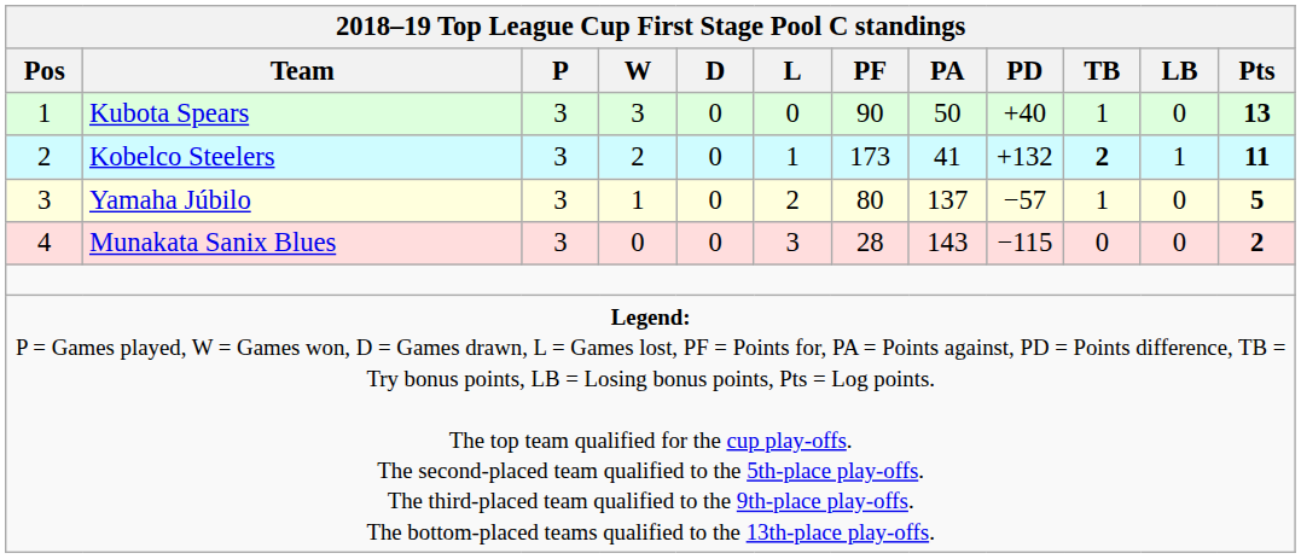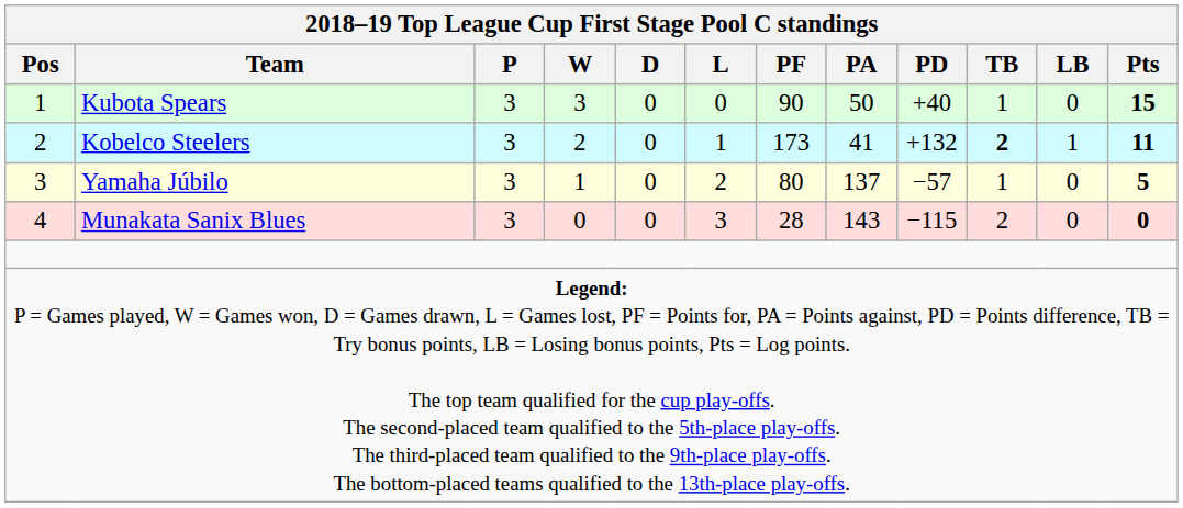 <table class="wikitable" style="text-align:center; font-size:100%; width:60%;">
 <tr>
 <th colspan="100%" cellpadding="0" cellspacing="0"><strong>2018–19 Top League Cup First Stage Pool C standings</strong></th>
 </tr>
 <tr>
 <th style="width:6%;">Pos</th>
 <th style="width:34%;">Team</th>
 <th style="width:6%;">P</th>
 <th style="width:6%;">W</th>
 <th style="width:6%;">D</th>
 <th style="width:6%;">L</th>
 <th style="width:6%;">PF</th>
 <th style="width:6%;">PA</th>
 <th style="width:6%;">PD</th>
 <th style="width:6%;">TB</th>
 <th style="width:6%;">LB</th>
 <th style="width:6%;">Pts<br></th>
 </tr>
 <tr style="background:#DDFFDD;">
 <td>1</td>
 <td style="text-align:left;"><a href='#'>Kubota Spears</a></td>
 <td>3</td>
 <td>3</td>
 <td>0</td>
 <td>0</td>
 <td>90</td>
 <td>50</td>
 <td>+40</td>
 <td>1</td>
 <td>0</td>
-<td><strong>13</strong></td>
+<td><strong>15</strong></td>
 </tr>
 <tr style="background:#CFFCFF;">
 <td>2</td>
 <td style="text-align:left;"><a href='#'>Kobelco Steelers</a></td>
 <td>3</td>
 <td>2</td>
 <td>0</td>
 <td>1</td>
 <td>173</td>
 <td>41</td>
 <td>+132</td>
 <td><strong>2</strong></td>
 <td>1</td>
 <td><strong>11</strong></td>
 </tr>
 <tr style="background:#FFFFDD;">
 <td>3</td>
 <td style="text-align:left;"><a href='#'>Yamaha Júbilo</a></td>
 <td>3</td>
 <td>1</td>
 <td>0</td>
 <td>2</td>
 <td>80</td>
 <td>137</td>
 <td>−57</td>
 <td>1</td>
 <td>0</td>
 <td><strong>5</strong></td>
 </tr>
 <tr style="background:#FFDDDD;">
 <td>4</td>
 <td style="text-align:left;"><a href='#'>Munakata Sanix Blues</a></td>
 <td>3</td>
 <td>0</td>
 <td>0</td>
 <td>3</td>
 <td>28</td>
 <td>143</td>
 <td>−115</td>
+<td>2</td>
 <td>0</td>
-<td>0</td>
-<td><strong>2</strong></td>
+<td><strong>0</strong></td>
 </tr>
 <tr>
 <td colspan="100%" style="height:10px;"></td>
 </tr>
 <tr>
 <td colspan="100%"><small><strong>Legend:</strong> <br> P = Games played, W = Games won, D = Games drawn, L = Games lost, PF = Points for, PA = Points against, PD = Points difference, TB = Try bonus points, LB = Losing bonus points, Pts = Log points. <br> <br> <span>The top team</span> qualified for the <a href='#'>cup play-offs</a>. <br> <span>The second-placed team</span> qualified to the <a href='#'>5th-place play-offs</a>. <br> <span>The third-placed team</span> qualified to the <a href='#'>9th-place play-offs</a>. <br> <span>The bottom-placed teams</span> qualified to the <a href='#'>13th-place play-offs</a>.</small></td>
 </tr>
 </table>
